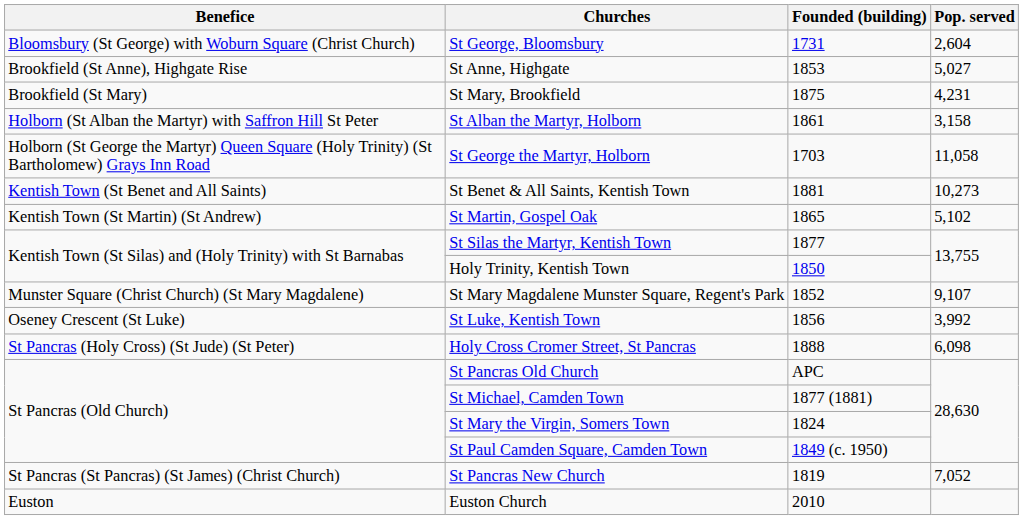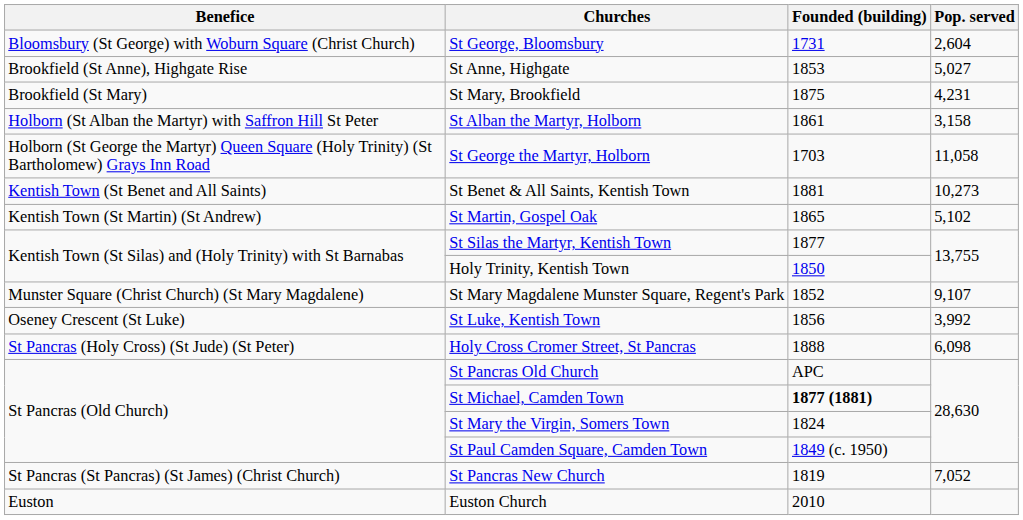 <table class="wikitable">
 <tr>
 <th width="425">Benefice</th>
 <th>Churches</th>
 <th>Founded (building)</th>
 <th>Pop. served</th>
 </tr>
 <tr>
 <td><a href='#'>Bloomsbury</a> (St George) with <a href='#'>Woburn Square</a> (Christ Church)</td>
 <td><a href='#'>St George, Bloomsbury</a></td>
 <td><a href='#'>1731</a></td>
 <td>2,604</td>
 </tr>
 <tr>
 <td>Brookfield (St Anne), Highgate Rise</td>
 <td>St Anne, Highgate</td>
 <td>1853</td>
 <td>5,027</td>
 </tr>
 <tr>
 <td>Brookfield (St Mary)</td>
 <td>St Mary, Brookfield</td>
 <td>1875</td>
 <td>4,231</td>
 </tr>
 <tr>
 <td><a href='#'>Holborn</a> (St Alban the Martyr) with <a href='#'>Saffron Hill</a> St Peter</td>
 <td><a href='#'>St Alban the Martyr, Holborn</a></td>
 <td>1861</td>
 <td>3,158</td>
 </tr>
 <tr>
 <td>Holborn (St George the Martyr) <a href='#'>Queen Square</a> (Holy Trinity) (St Bartholomew) <a href='#'>Grays Inn Road</a></td>
 <td><a href='#'>St George the Martyr, Holborn</a></td>
 <td>1703</td>
 <td>11,058</td>
 </tr>
 <tr>
 <td><a href='#'>Kentish Town</a> (St Benet and All Saints)</td>
 <td>St Benet & All Saints, Kentish Town</td>
 <td>1881</td>
 <td>10,273</td>
 </tr>
 <tr>
 <td>Kentish Town (St Martin) (St Andrew)</td>
 <td><a href='#'>St Martin, Gospel Oak</a></td>
 <td>1865</td>
 <td>5,102</td>
 </tr>
 <tr>
 <td rowspan="2">Kentish Town (St Silas) and (Holy Trinity) with St Barnabas</td>
 <td><a href='#'>St Silas the Martyr, Kentish Town</a></td>
 <td>1877</td>
 <td rowspan="2">13,755</td>
 </tr>
 <tr>
 <td>Holy Trinity, Kentish Town</td>
 <td><a href='#'>1850</a></td>
 </tr>
 <tr>
 <td>Munster Square (Christ Church) (St Mary Magdalene)</td>
 <td>St Mary Magdalene Munster Square, Regent's Park</td>
 <td>1852</td>
 <td>9,107</td>
 </tr>
 <tr>
 <td>Oseney Crescent (St Luke)</td>
 <td><a href='#'>St Luke, Kentish Town</a></td>
 <td>1856</td>
 <td>3,992</td>
 </tr>
 <tr>
 <td><a href='#'>St Pancras</a> (Holy Cross) (St Jude) (St Peter)</td>
 <td><a href='#'>Holy Cross Cromer Street, St Pancras</a></td>
 <td>1888</td>
 <td>6,098</td>
 </tr>
 <tr>
 <td rowspan="4">St Pancras (Old Church)</td>
 <td><a href='#'>St Pancras Old Church</a></td>
 <td>APC</td>
 <td rowspan="4">28,630</td>
 </tr>
 <tr>
 <td><a href='#'>St Michael, Camden Town</a></td>
-<td>1877 (1881)</td>
+<td><strong>1877 (1881)</strong></td>
 </tr>
 <tr>
 <td><a href='#'>St Mary the Virgin, Somers Town</a></td>
 <td>1824</td>
 </tr>
 <tr>
 <td><a href='#'>St Paul Camden Square, Camden Town</a></td>
 <td><a href='#'>1849</a> (c. 1950)</td>
 </tr>
 <tr>
 <td>St Pancras (St Pancras) (St James) (Christ Church)</td>
 <td><a href='#'>St Pancras New Church</a></td>
 <td>1819</td>
 <td>7,052</td>
 </tr>
 <tr>
 <td>Euston</td>
 <td>Euston Church</td>
 <td>2010</td>
 <td></td>
 </tr>
 </table>
